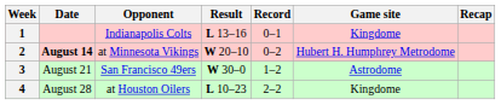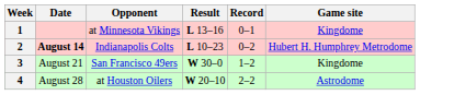 <table class="wikitable" style="text-align:center">
 <tr>
 <th>Week</th>
 <th>Date</th>
 <th>Opponent</th>
 <th>Result</th>
 <th>Record</th>
 <th>Game site</th>
-<th>Recap</th>
 </tr>
 <tr style="background:#fcc">
 <th>1</th>
 <td></td>
-<td><a href='#'>Indianapolis Colts</a></td>
+<td>at <a href='#'>Minnesota Vikings</a></td>
 <td><strong>L</strong> 13–16 </td>
 <td>0–1</td>
 <td><a href='#'>Kingdome</a></td>
-<td></td>
 </tr>
 <tr style="background:#fcc">
 <th>2</th>
 <td><strong>August 14</strong></td>
-<td>at <a href='#'>Minnesota Vikings</a></td>
-<td><strong>W</strong> 20–10</td>
+<td><a href='#'>Indianapolis Colts</a></td>
+<td><strong>L</strong> 10–23</td>
 <td>0–2</td>
 <td><a href='#'>Hubert H. Humphrey Metrodome</a></td>
-<td></td>
 </tr>
 <tr style="background:#cfc">
 <th>3</th>
 <td>August 21</td>
 <td><a href='#'>San Francisco 49ers</a></td>
 <td><strong>W</strong> 30–0</td>
 <td>1–2</td>
-<td><a href='#'>Astrodome</a></td>
-<td></td>
+<td>Kingdome</td>
 </tr>
 <tr style="background:#cfc">
 <th>4</th>
 <td>August 28</td>
 <td>at <a href='#'>Houston Oilers</a></td>
-<td><strong>L</strong> 10–23</td>
+<td><strong>W</strong> 20–10</td>
 <td>2–2</td>
-<td>Kingdome</td>
-<td></td>
+<td><a href='#'>Astrodome</a></td>
 </tr>
 </table>
